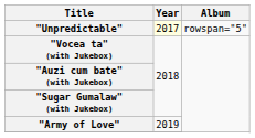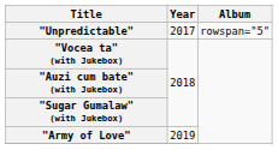 <table class="wikitable plainrowheaders" style="text-align:center;">
 <tr>
 <th scope="col" style="width:15em;" rowspan="1">Title</th>
 <th scope="col" rowspan="1">Year</th>
 <th scope="col" rowspan="1">Album</th>
 </tr>
 <tr>
 <th scope="row">"Unpredictable"</th>
-<td rowspan="1" style="background: lightyellow;">2017</td>
+<td rowspan="1">2017</td>
 <td>rowspan="5" </td>
 </tr>
 <tr>
 <th scope="row">"Vocea ta"<br><small>(with Jukebox)</small></th>
 <td rowspan="3">2018</td>
 </tr>
 <tr>
 <th scope="row">"Auzi cum bate"<br><small>(with Jukebox)</small></th>
 </tr>
 <tr>
 <th scope="row">"Sugar Gumalaw"<br><small>(with Jukebox)</small></th>
 </tr>
 <tr>
 <th scope="row">"Army of Love"</th>
 <td rowspan="1">2019</td>
 </tr>
 <tr>
 </tr>
 </table>
